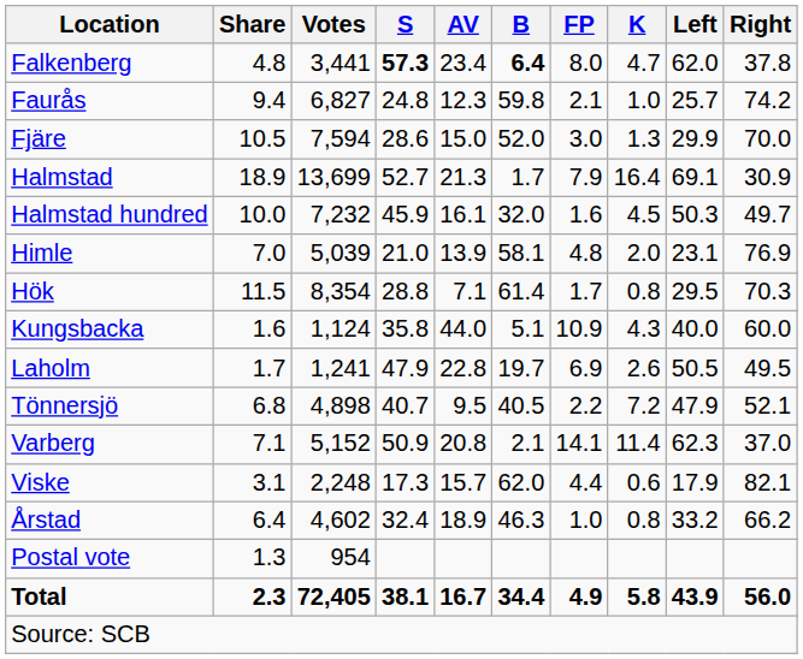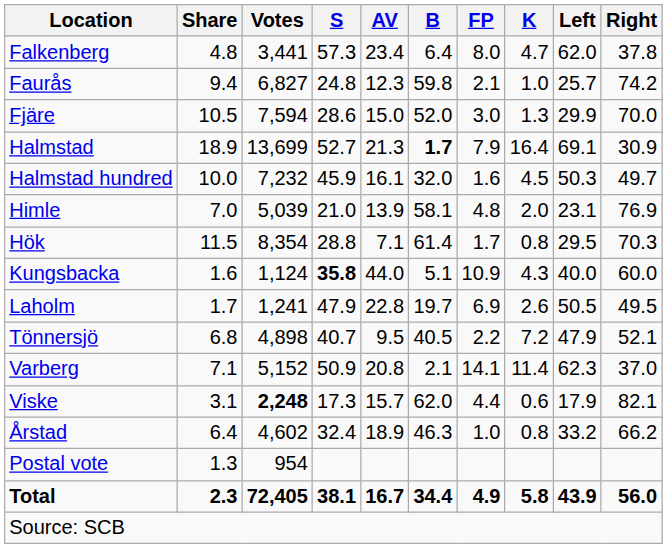 <table class="wikitable sortable" style=text-align:right>
 <tr>
 <th>Location</th>
 <th>Share</th>
 <th>Votes</th>
 <th><a href='#'>S</a></th>
 <th><a href='#'>AV</a></th>
 <th><a href='#'>B</a></th>
 <th><a href='#'>FP</a></th>
 <th><a href='#'>K</a></th>
 <th>Left</th>
 <th>Right</th>
 </tr>
 <tr>
 <td align=left><a href='#'>Falkenberg</a></td>
 <td>4.8</td>
 <td>3,441</td>
-<td><strong>57.3</strong></td>
+<td>57.3</td>
 <td>23.4</td>
-<td><strong>6.4</strong></td>
+<td>6.4</td>
 <td>8.0</td>
 <td>4.7</td>
 <td>62.0</td>
 <td>37.8</td>
 </tr>
 <tr>
 <td align=left><a href='#'>Faurås</a></td>
 <td>9.4</td>
 <td>6,827</td>
 <td>24.8</td>
 <td>12.3</td>
 <td>59.8</td>
 <td>2.1</td>
 <td>1.0</td>
 <td>25.7</td>
 <td>74.2</td>
 </tr>
 <tr>
 <td align=left><a href='#'>Fjäre</a></td>
 <td>10.5</td>
 <td>7,594</td>
 <td>28.6</td>
 <td>15.0</td>
 <td>52.0</td>
 <td>3.0</td>
 <td>1.3</td>
 <td>29.9</td>
 <td>70.0</td>
 </tr>
 <tr>
 <td align=left><a href='#'>Halmstad</a></td>
 <td>18.9</td>
 <td>13,699</td>
 <td>52.7</td>
 <td>21.3</td>
-<td>1.7</td>
+<td><strong>1.7</strong></td>
 <td>7.9</td>
 <td>16.4</td>
 <td>69.1</td>
 <td>30.9</td>
 </tr>
 <tr>
 <td align=left><a href='#'>Halmstad hundred</a></td>
 <td>10.0</td>
 <td>7,232</td>
 <td>45.9</td>
 <td>16.1</td>
 <td>32.0</td>
 <td>1.6</td>
 <td>4.5</td>
 <td>50.3</td>
 <td>49.7</td>
 </tr>
 <tr>
 <td align=left><a href='#'>Himle</a></td>
 <td>7.0</td>
 <td>5,039</td>
 <td>21.0</td>
 <td>13.9</td>
 <td>58.1</td>
 <td>4.8</td>
 <td>2.0</td>
 <td>23.1</td>
 <td>76.9</td>
 </tr>
 <tr>
 <td align=left><a href='#'>Hök</a></td>
 <td>11.5</td>
 <td>8,354</td>
 <td>28.8</td>
 <td>7.1</td>
 <td>61.4</td>
 <td>1.7</td>
 <td>0.8</td>
 <td>29.5</td>
 <td>70.3</td>
 </tr>
 <tr>
 <td align=left><a href='#'>Kungsbacka</a></td>
 <td>1.6</td>
 <td>1,124</td>
-<td>35.8</td>
+<td><strong>35.8</strong></td>
 <td>44.0</td>
 <td>5.1</td>
 <td>10.9</td>
 <td>4.3</td>
 <td>40.0</td>
 <td>60.0</td>
 </tr>
 <tr>
 <td align=left><a href='#'>Laholm</a></td>
 <td>1.7</td>
 <td>1,241</td>
 <td>47.9</td>
 <td>22.8</td>
 <td>19.7</td>
 <td>6.9</td>
 <td>2.6</td>
 <td>50.5</td>
 <td>49.5</td>
 </tr>
 <tr>
 <td align=left><a href='#'>Tönnersjö</a></td>
 <td>6.8</td>
 <td>4,898</td>
 <td>40.7</td>
 <td>9.5</td>
 <td>40.5</td>
 <td>2.2</td>
 <td>7.2</td>
 <td>47.9</td>
 <td>52.1</td>
 </tr>
 <tr>
 <td align=left><a href='#'>Varberg</a></td>
 <td>7.1</td>
 <td>5,152</td>
 <td>50.9</td>
 <td>20.8</td>
 <td>2.1</td>
 <td>14.1</td>
 <td>11.4</td>
 <td>62.3</td>
 <td>37.0</td>
 </tr>
 <tr>
 <td align=left><a href='#'>Viske</a></td>
 <td>3.1</td>
-<td>2,248</td>
+<td><strong>2,248</strong></td>
 <td>17.3</td>
 <td>15.7</td>
 <td>62.0</td>
 <td>4.4</td>
 <td>0.6</td>
 <td>17.9</td>
 <td>82.1</td>
 </tr>
 <tr>
 <td align=left><a href='#'>Årstad</a></td>
 <td>6.4</td>
 <td>4,602</td>
 <td>32.4</td>
 <td>18.9</td>
 <td>46.3</td>
 <td>1.0</td>
 <td>0.8</td>
 <td>33.2</td>
 <td>66.2</td>
 </tr>
 <tr>
 <td align=left><a href='#'>Postal vote</a></td>
 <td>1.3</td>
 <td>954</td>
 <td></td>
 <td></td>
 <td></td>
 <td></td>
 <td></td>
 <td></td>
 <td></td>
 </tr>
 <tr>
 <td align=left><strong>Total</strong></td>
 <td><strong>2.3</strong></td>
 <td><strong>72,405</strong></td>
 <td><strong>38.1</strong></td>
 <td><strong>16.7</strong></td>
 <td><strong>34.4</strong></td>
 <td><strong>4.9</strong></td>
 <td><strong>5.8</strong></td>
 <td><strong>43.9</strong></td>
 <td><strong>56.0</strong></td>
 </tr>
 <tr>
 <td align=left colspan=10>Source: SCB </td>
 </tr>
 </table>
